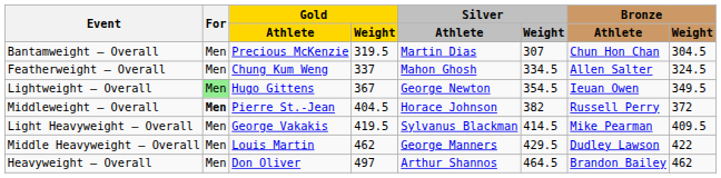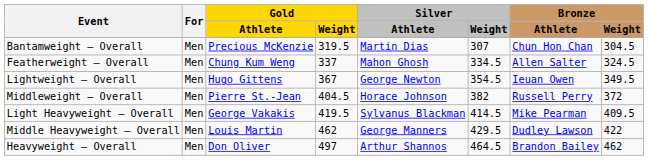 <table class="wikitable">
 <tr>
 <th scope="col" rowspan=2>Event</th>
 <th scope="col" rowspan=2>For</th>
 <th scope="colgroup" colspan=2 style="background: gold;">Gold</th>
 <th scope="colgroup" colspan=2 style="background: silver;">Silver</th>
 <th scope="colgroup" colspan=2 style="background: #cc9966;">Bronze</th>
 </tr>
 <tr>
 <th scope="col" style="background-color:gold;">Athlete</th>
 <th scope="col" style="background-color:gold;">Weight</th>
 <th scope="col" style="background-color:silver;">Athlete</th>
 <th scope="col" style="background-color:silver;">Weight</th>
 <th scope="col" style="background-color:#cc9966;">Athlete</th>
 <th scope="col" style="background-color:#cc9966;">Weight</th>
 </tr>
 <tr>
 <td>Bantamweight – Overall</td>
 <td>Men</td>
 <td><a href='#'>Precious McKenzie</a> </td>
 <td>319.5</td>
 <td><a href='#'>Martin Dias</a> </td>
 <td>307</td>
 <td><a href='#'>Chun Hon Chan</a> </td>
 <td>304.5</td>
 </tr>
 <tr>
 <td>Featherweight – Overall</td>
 <td>Men</td>
 <td><a href='#'>Chung Kum Weng</a> </td>
 <td>337</td>
 <td><a href='#'>Mahon Ghosh</a> </td>
 <td>334.5</td>
 <td><a href='#'>Allen Salter</a> </td>
 <td>324.5</td>
 </tr>
 <tr>
 <td>Lightweight – Overall</td>
-<td style="background: lightgreen;">Men</td>
+<td>Men</td>
 <td><a href='#'>Hugo Gittens</a> </td>
 <td>367</td>
 <td><a href='#'>George Newton</a> </td>
 <td>354.5</td>
 <td><a href='#'>Ieuan Owen</a> </td>
 <td>349.5</td>
 </tr>
 <tr>
 <td>Middleweight – Overall</td>
-<td><strong>Men</strong></td>
+<td>Men</td>
 <td><a href='#'>Pierre St.-Jean</a> </td>
 <td>404.5</td>
 <td><a href='#'>Horace Johnson</a> </td>
 <td>382</td>
 <td><a href='#'>Russell Perry</a> </td>
 <td>372</td>
 </tr>
 <tr>
 <td>Light Heavyweight – Overall</td>
 <td>Men</td>
 <td><a href='#'>George Vakakis</a> </td>
 <td>419.5</td>
 <td><a href='#'>Sylvanus Blackman</a> </td>
 <td>414.5</td>
 <td><a href='#'>Mike Pearman</a> </td>
 <td>409.5</td>
 </tr>
 <tr>
 <td>Middle Heavyweight – Overall</td>
 <td>Men</td>
 <td><a href='#'>Louis Martin</a> </td>
 <td>462</td>
 <td><a href='#'>George Manners</a> </td>
 <td>429.5</td>
 <td><a href='#'>Dudley Lawson</a> </td>
 <td>422</td>
 </tr>
 <tr>
 <td>Heavyweight – Overall</td>
 <td>Men</td>
 <td><a href='#'>Don Oliver</a> </td>
 <td>497</td>
 <td><a href='#'>Arthur Shannos</a> </td>
 <td>464.5</td>
 <td><a href='#'>Brandon Bailey</a> </td>
 <td>462</td>
 </tr>
 </table>
